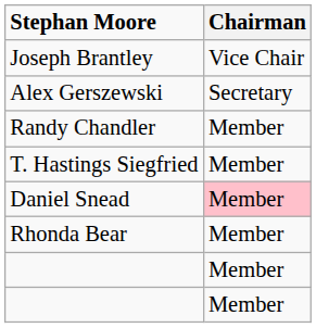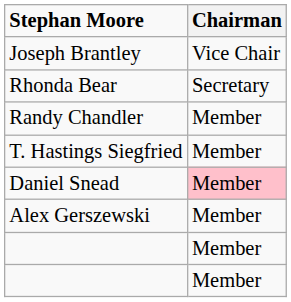 <table class="wikitable">
 <tr>
 <td><strong>Stephan Moore</strong></td>
 <th>Chairman</th>
 </tr>
 <tr>
 <td>Joseph Brantley</td>
 <td>Vice Chair</td>
 </tr>
 <tr>
-<td>Alex Gerszewski</td>
+<td>Rhonda Bear</td>
 <td>Secretary</td>
 </tr>
 <tr>
 <td>Randy Chandler</td>
 <td>Member</td>
 </tr>
 <tr>
 <td>T. Hastings Siegfried</td>
 <td>Member</td>
 </tr>
 <tr>
 <td>Daniel Snead</td>
 <td style="background: pink;">Member</td>
 </tr>
 <tr>
-<td>Rhonda Bear</td>
+<td>Alex Gerszewski</td>
 <td>Member</td>
 </tr>
 <tr>
 <td></td>
 <td>Member</td>
 </tr>
 <tr>
 <td></td>
 <td>Member</td>
 </tr>
 </table>
